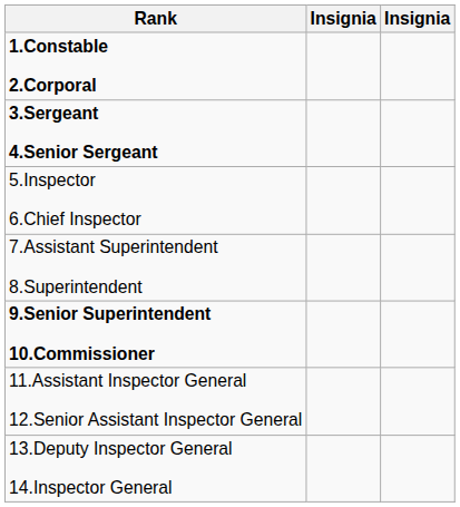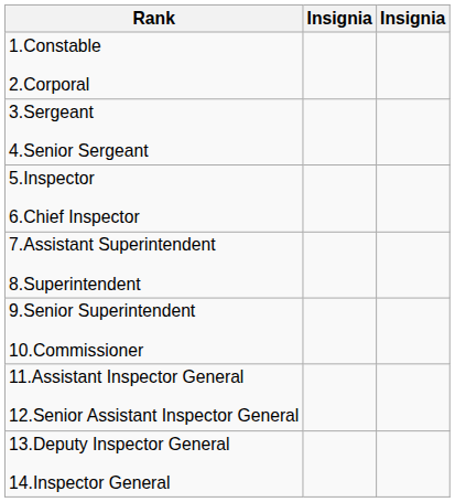 <table class="wikitable sortable mw-collapsible mw-collapsed">
 <tr>
 <th>Rank</th>
 <th>Insignia</th>
 <th>Insignia</th>
 </tr>
 <tr>
-<td><strong>1.Constable<br><br>2.Corporal</strong></td>
+<td>1.Constable<br><br>2.Corporal</td>
 <td></td>
 <td></td>
 </tr>
 <tr>
-<td><strong>3.Sergeant<br><br>4.Senior Sergeant</strong></td>
+<td>3.Sergeant<br><br>4.Senior Sergeant</td>
 <td></td>
 <td></td>
 </tr>
 <tr>
 <td>5.Inspector<br><br>6.Chief Inspector</td>
 <td></td>
 <td></td>
 </tr>
 <tr>
 <td>7.Assistant Superintendent<br><br>8.Superintendent</td>
 <td></td>
 <td></td>
 </tr>
 <tr>
-<td><strong>9.Senior Superintendent<br><br>10.Commissioner</strong></td>
+<td>9.Senior Superintendent<br><br>10.Commissioner</td>
 <td></td>
 <td></td>
 </tr>
 <tr>
 <td>11.Assistant Inspector General<br><br>12.Senior Assistant Inspector General</td>
 <td></td>
 <td></td>
 </tr>
 <tr>
 <td>13.Deputy Inspector General<br><br>14.Inspector General</td>
 <td></td>
 <td></td>
 </tr>
 </table>
